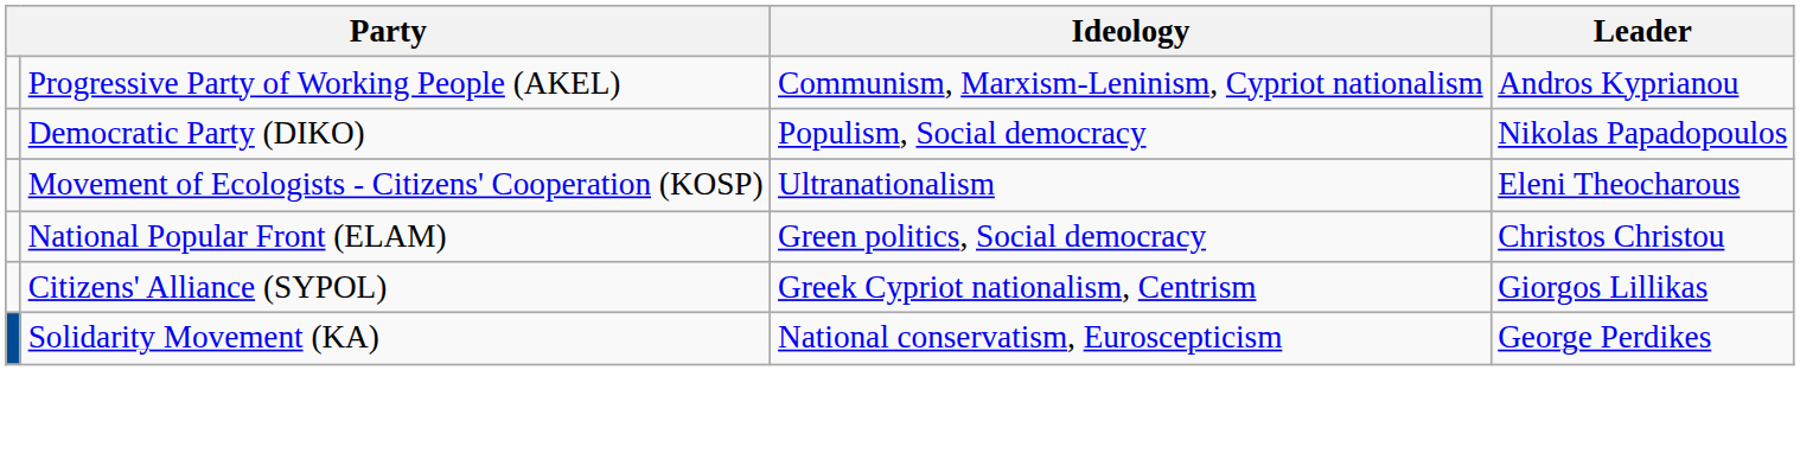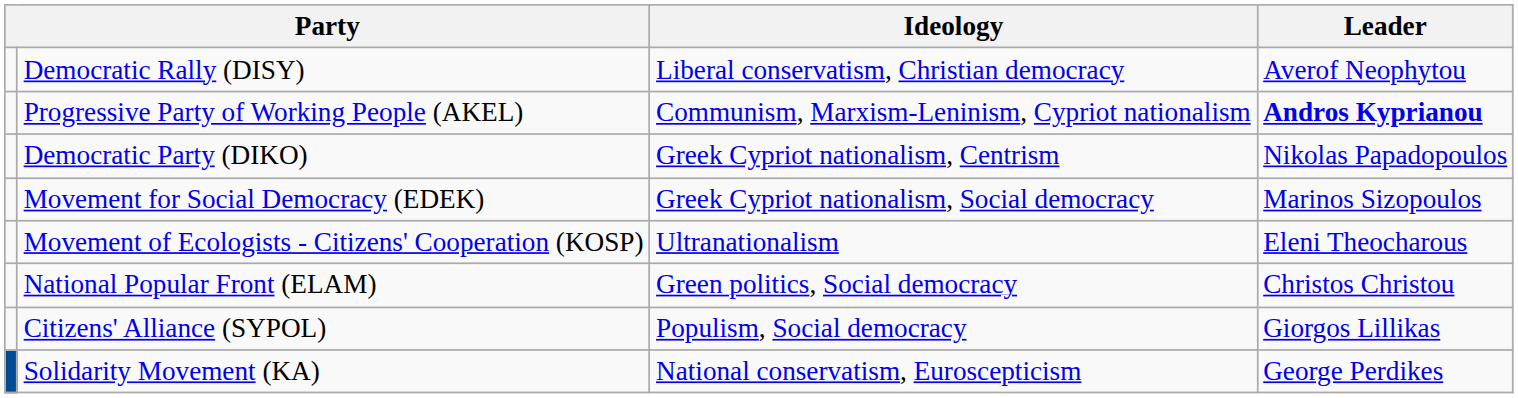 <table class=wikitable style=text-align:left>
 <tr>
 <th colspan=2>Party</th>
 <th>Ideology</th>
 <th>Leader</th>
 </tr>
 <tr>
 <td></td>
+<td><a href='#'>Democratic Rally</a> (DISY)</td>
+<td><a href='#'>Liberal conservatism</a>, <a href='#'>Christian democracy</a></td>
+<td><a href='#'>Averof Neophytou</a></td>
+</tr>
+<tr>
+<td></td>
 <td><a href='#'>Progressive Party of Working People</a> (AKEL)</td>
 <td><a href='#'>Communism</a>, <a href='#'>Marxism-Leninism</a>, <a href='#'>Cypriot nationalism</a></td>
-<td><a href='#'>Andros Kyprianou</a></td>
+<td><strong><a href='#'>Andros Kyprianou</a></strong></td>
 </tr>
 <tr>
 <td></td>
 <td><a href='#'>Democratic Party</a> (DIKO)</td>
-<td><a href='#'>Populism</a>, <a href='#'>Social democracy</a></td>
+<td><a href='#'>Greek Cypriot nationalism</a>, <a href='#'>Centrism</a></td>
 <td><a href='#'>Nikolas Papadopoulos</a></td>
+</tr>
+<tr>
+<td></td>
+<td><a href='#'>Movement for Social Democracy</a> (EDEK)</td>
+<td><a href='#'>Greek Cypriot nationalism</a>, <a href='#'>Social democracy</a></td>
+<td><a href='#'>Marinos Sizopoulos</a></td>
 </tr>
 <tr>
 <td></td>
 <td><a href='#'>Movement of Ecologists - Citizens' Cooperation</a> (KOSP)</td>
 <td><a href='#'>Ultranationalism</a></td>
 <td><a href='#'>Eleni Theocharous</a></td>
 </tr>
 <tr>
 <td></td>
 <td><a href='#'>National Popular Front</a> (ELAM)</td>
 <td><a href='#'>Green politics</a>, <a href='#'>Social democracy</a></td>
 <td><a href='#'>Christos Christou</a></td>
 </tr>
 <tr>
 <td></td>
 <td><a href='#'>Citizens' Alliance</a> (SYPOL)</td>
-<td><a href='#'>Greek Cypriot nationalism</a>, <a href='#'>Centrism</a></td>
+<td><a href='#'>Populism</a>, <a href='#'>Social democracy</a></td>
 <td><a href='#'>Giorgos Lillikas</a></td>
 </tr>
 <tr>
 <td bgcolor="#004B91"></td>
 <td><a href='#'>Solidarity Movement</a> (KA)</td>
 <td><a href='#'>National conservatism</a>, <a href='#'>Euroscepticism</a></td>
 <td><a href='#'>George Perdikes</a></td>
 </tr>
 </table>
